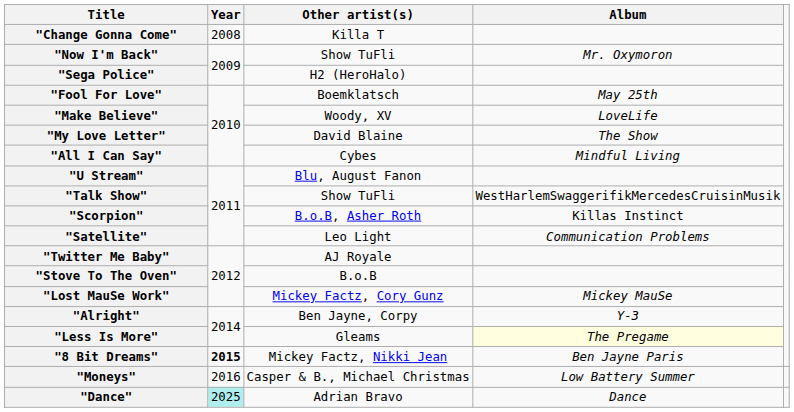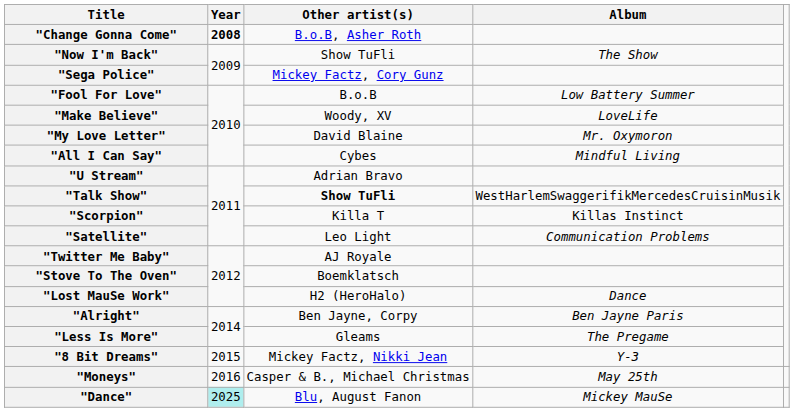 <table class="wikitable plainrowheaders" style="text-align:center;">
 <tr>
 <th scope="col" style="width:16em;">Title</th>
 <th scope="col">Year</th>
 <th scope="col">Other artist(s)</th>
 <th scope="col">Album</th>
 </tr>
 <tr>
 <th scope="row">"Change Gonna Come"</th>
-<td>2008</td>
-<td>Killa T</td>
+<td><strong>2008</strong></td>
+<td><a href='#'>B.o.B</a>, <a href='#'>Asher Roth</a></td>
 <td></td>
 </tr>
 <tr>
 <th scope="row">"Now I'm Back"</th>
 <td rowspan="2">2009</td>
 <td>Show TuFli</td>
-<td><em>Mr. Oxymoron</em></td>
+<td><em>The Show</em></td>
 </tr>
 <tr>
 <th scope="row">"Sega Police"</th>
-<td>H2 (HeroHalo)</td>
+<td><a href='#'>Mickey Factz</a>, <a href='#'>Cory Gunz</a></td>
 <td></td>
 </tr>
 <tr>
 <th scope="row">"Fool For Love"</th>
 <td rowspan="4">2010</td>
-<td>Boemklatsch</td>
-<td><em>May 25th</em></td>
+<td>B.o.B</td>
+<td><em>Low Battery Summer</em></td>
 </tr>
 <tr>
 <th scope="row">"Make Believe"</th>
 <td>Woody, XV</td>
 <td><em>LoveLife</em></td>
 </tr>
 <tr>
 <th scope="row">"My Love Letter"</th>
 <td>David Blaine</td>
-<td><em>The Show</em></td>
+<td><em>Mr. Oxymoron</em></td>
 </tr>
 <tr>
 <th scope="row">"All I Can Say"</th>
 <td>Cybes</td>
 <td><em>Mindful Living</em></td>
 </tr>
 <tr>
 <th scope="row">"U Stream"</th>
 <td rowspan="4">2011</td>
-<td><a href='#'>Blu</a>, August Fanon</td>
+<td>Adrian Bravo</td>
 <td></td>
 </tr>
 <tr>
 <th scope="row">"Talk Show"</th>
-<td>Show TuFli</td>
+<td><strong>Show TuFli</strong></td>
 <td>WestHarlemSwaggerifikMercedesCruisinMusik</td>
 </tr>
 <tr>
 <th scope="row">"Scorpion"</th>
-<td><a href='#'>B.o.B</a>, <a href='#'>Asher Roth</a></td>
+<td>Killa T</td>
 <td>Killas Instinct</td>
 </tr>
 <tr>
 <th scope="row">"Satellite"</th>
 <td>Leo Light</td>
 <td><em>Communication Problems</em></td>
 </tr>
 <tr>
 <th scope="row">"Twitter Me Baby"</th>
 <td rowspan="3">2012</td>
 <td>AJ Royale</td>
 <td></td>
 </tr>
 <tr>
 <th scope="row">"Stove To The Oven"</th>
-<td>B.o.B</td>
+<td>Boemklatsch</td>
 <td></td>
 </tr>
 <tr>
 <th scope="row">"Lost MauSe Work"</th>
-<td><a href='#'>Mickey Factz</a>, <a href='#'>Cory Gunz</a></td>
-<td><em>Mickey MauSe</em></td>
+<td>H2 (HeroHalo)</td>
+<td><em>Dance</em></td>
 </tr>
 <tr>
 <th scope="row">"Alright"</th>
 <td rowspan="2">2014</td>
 <td>Ben Jayne, Corpy</td>
-<td><em>Y-3</em></td>
+<td><em>Ben Jayne Paris</em></td>
 </tr>
 <tr>
 <th scope="row">"Less Is More"</th>
 <td>Gleams</td>
-<td style="background: lightyellow;"><em>The Pregame</em></td>
+<td><em>The Pregame</em></td>
 </tr>
 <tr>
 <th scope="row">"8 Bit Dreams"</th>
-<td><strong>2015</strong></td>
+<td>2015</td>
 <td>Mickey Factz, <a href='#'>Nikki Jean</a></td>
-<td><em>Ben Jayne Paris</em></td>
+<td><em>Y-3</em></td>
 </tr>
 <tr>
 <th scope="row">"Moneys"</th>
 <td>2016</td>
 <td>Casper & B., Michael Christmas</td>
-<td><em>Low Battery Summer</em></td>
+<td><em>May 25th</em></td>
 <td></td>
 </tr>
 <tr>
 <th scope="row">"Dance"</th>
 <td style="background: paleturquoise;">2025</td>
-<td>Adrian Bravo</td>
-<td><em>Dance</em></td>
+<td><a href='#'>Blu</a>, August Fanon</td>
+<td><em>Mickey MauSe</em></td>
 </tr>
 </table>
